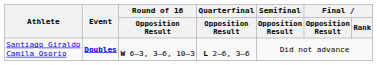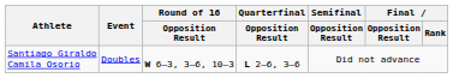 <table class=wikitable style=font-size:90%;text-align:center>
 <tr>
 <th rowspan=2>Athlete</th>
 <th rowspan=2>Event</th>
 <th>Round of 16</th>
 <th>Quarterfinal</th>
 <th>Semifinal</th>
 <th colspan=2>Final / </th>
 </tr>
 <tr style=font-size:95%>
 <th>Opposition<br>Result</th>
 <th>Opposition<br>Result</th>
 <th>Opposition<br>Result</th>
 <th>Opposition<br>Result</th>
 <th>Rank</th>
 </tr>
 <tr>
 <td align=left><a href='#'>Santiago Giraldo</a><br><a href='#'>Camila Osorio</a></td>
-<td align=left><strong><a href='#'>Doubles</a></strong></td>
+<td align=left><a href='#'>Doubles</a></td>
 <td><br><strong>W</strong> 6–3, 3–6, 10–3</td>
 <td><br><strong>L</strong> 2–6, 3–6</td>
 <td colspan=3>Did not advance</td>
 </tr>
 </table>
